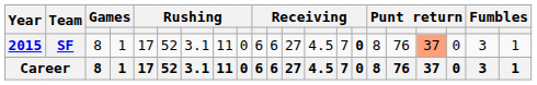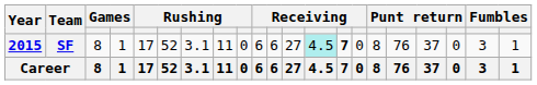 <table class="wikitable" style="text-align:center">
 <tr>
 <th rowspan="2">Year</th>
 <th rowspan="2">Team</th>
 <th colspan="2">Games</th>
 <th colspan="5">Rushing</th>
 <th colspan="6">Receiving</th>
 <th colspan="4">Punt return</th>
 <th colspan="2">Fumbles</th>
 </tr>
 <tr>
 <th></th>
 <th></th>
 <th></th>
 <th></th>
 <th></th>
 <th></th>
 <th></th>
 <th></th>
 <th></th>
 <th></th>
 <th></th>
 <th></th>
 <th></th>
 <th></th>
 <th></th>
 <th></th>
 <th></th>
 <th></th>
 <th></th>
 </tr>
 <tr>
 <th><a href='#'>2015</a></th>
 <th><a href='#'>SF</a></th>
 <td>8</td>
 <td>1</td>
 <td>17</td>
 <td>52</td>
 <td>3.1</td>
 <td>11</td>
 <td>0</td>
 <td>6</td>
 <td>6</td>
 <td>27</td>
-<td>4.5</td>
-<td>7</td>
-<td><strong>0</strong></td>
+<td style="background: paleturquoise;">4.5</td>
+<td><strong>7</strong></td>
+<td>0</td>
 <td>8</td>
 <td>76</td>
-<td style="background: lightsalmon;">37</td>
+<td>37</td>
 <td>0</td>
 <td>3</td>
 <td>1</td>
 </tr>
 <tr>
 <th colspan="2">Career</th>
 <th>8</th>
 <th>1</th>
 <th>17</th>
 <th>52</th>
 <th>3.1</th>
 <th>11</th>
 <th>0</th>
 <th>6</th>
 <th>6</th>
 <th>27</th>
 <th>4.5</th>
 <th>7</th>
 <th>0</th>
 <th>8</th>
 <th>76</th>
 <th>37</th>
 <th>0</th>
 <th>3</th>
 <th>1</th>
 </tr>
 </table>
